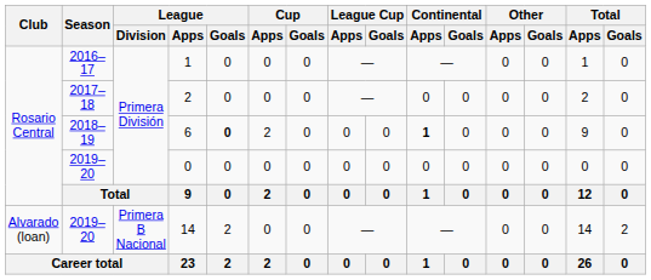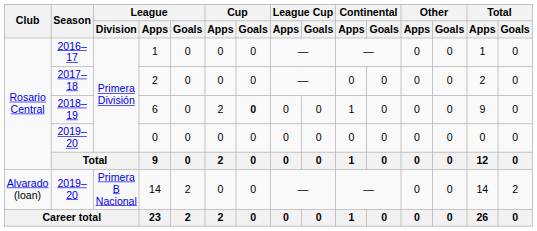 <table class="wikitable" style="text-align:center">
 <tr>
 <th rowspan="2">Club</th>
 <th rowspan="2">Season</th>
 <th colspan="3">League</th>
 <th colspan="2">Cup</th>
 <th colspan="2">League Cup</th>
 <th colspan="2">Continental</th>
 <th colspan="2">Other</th>
 <th colspan="2">Total</th>
 </tr>
 <tr>
 <th>Division</th>
 <th>Apps</th>
 <th>Goals</th>
 <th>Apps</th>
 <th>Goals</th>
 <th>Apps</th>
 <th>Goals</th>
 <th>Apps</th>
 <th>Goals</th>
 <th>Apps</th>
 <th>Goals</th>
 <th>Apps</th>
 <th>Goals</th>
 </tr>
 <tr>
 <td rowspan="5"><a href='#'>Rosario Central</a></td>
 <td><a href='#'>2016–17</a></td>
 <td rowspan="4"><a href='#'>Primera División</a></td>
 <td>1</td>
 <td>0</td>
 <td>0</td>
 <td>0</td>
 <td colspan="2">—</td>
 <td colspan="2">—</td>
 <td>0</td>
 <td>0</td>
 <td>1</td>
 <td>0</td>
 </tr>
 <tr>
 <td><a href='#'>2017–18</a></td>
 <td>2</td>
 <td>0</td>
 <td>0</td>
 <td>0</td>
 <td colspan="2">—</td>
 <td>0</td>
 <td>0</td>
 <td>0</td>
 <td>0</td>
 <td>2</td>
 <td>0</td>
 </tr>
 <tr>
 <td><a href='#'>2018–19</a></td>
 <td>6</td>
+<td>0</td>
+<td>2</td>
 <td><strong>0</strong></td>
-<td>2</td>
 <td>0</td>
 <td>0</td>
-<td>0</td>
-<td><strong>1</strong></td>
+<td>1</td>
 <td>0</td>
 <td>0</td>
 <td>0</td>
 <td>9</td>
 <td>0</td>
 </tr>
 <tr>
 <td><a href='#'>2019–20</a></td>
 <td>0</td>
 <td>0</td>
 <td>0</td>
 <td>0</td>
 <td>0</td>
 <td>0</td>
 <td>0</td>
 <td>0</td>
 <td>0</td>
 <td>0</td>
 <td>0</td>
 <td>0</td>
 </tr>
 <tr>
 <th colspan="2">Total</th>
 <th>9</th>
 <th>0</th>
 <th>2</th>
 <th>0</th>
 <th>0</th>
 <th>0</th>
 <th>1</th>
 <th>0</th>
 <th>0</th>
 <th>0</th>
 <th>12</th>
 <th>0</th>
 </tr>
 <tr>
 <td rowspan="1"><a href='#'>Alvarado</a> (loan)</td>
 <td><a href='#'>2019–20</a></td>
 <td rowspan="1"><a href='#'>Primera B Nacional</a></td>
 <td>14</td>
 <td>2</td>
 <td>0</td>
 <td>0</td>
 <td colspan="2">—</td>
 <td colspan="2">—</td>
 <td>0</td>
 <td>0</td>
 <td>14</td>
 <td>2</td>
 </tr>
 <tr>
 <th colspan="3">Career total</th>
 <th>23</th>
 <th>2</th>
 <th>2</th>
 <th>0</th>
 <th>0</th>
 <th>0</th>
 <th>1</th>
 <th>0</th>
 <th>0</th>
 <th>0</th>
 <th>26</th>
 <th>0</th>
 </tr>
 </table>
